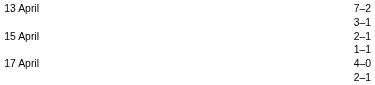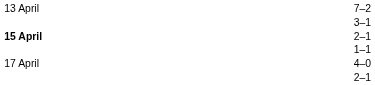 <table cellspacing=1 width=70%>
 <tr>
 <th width=25%></th>
 <th width=30%></th>
 <th width=15%></th>
 <th width=30%></th>
 </tr>
 <tr>
 <td>13 April</td>
 <td align=right></td>
 <td align=center>7–2</td>
 <td></td>
 </tr>
 <tr>
 <td></td>
 <td align=right></td>
 <td align=center>3–1</td>
 <td></td>
 </tr>
 <tr>
-<td>15 April</td>
+<td><strong>15 April</strong></td>
 <td align=right></td>
 <td align=center>2–1</td>
 <td></td>
 </tr>
 <tr>
 <td></td>
 <td align=right></td>
 <td align=center>1–1</td>
 <td></td>
 </tr>
 <tr>
 <td>17 April</td>
 <td align=right></td>
 <td align=center>4–0</td>
 <td></td>
 </tr>
 <tr>
 <td></td>
 <td align=right></td>
 <td align=center>2–1</td>
 <td></td>
 </tr>
 </table>
